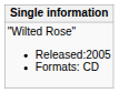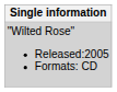 <table class="wikitable">
 <tr>
 <th>Single information</th>
 </tr>
 <tr>
-<td align="left">"Wilted Rose"<br><ul><li>Released:2005</li><li>Formats: CD</li></ul></td>
+<td align="left" style="background: lightgrey;">"Wilted Rose"<br><ul><li>Released:2005</li><li>Formats: CD</li></ul></td>
 </tr>
 </table>
